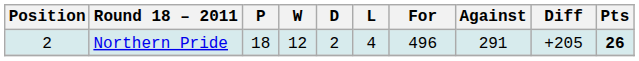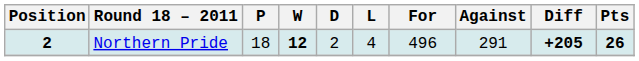 <table class="wikitable" style="text-align:center; font-size:85%;">
 <tr>
 <th width=40 abbr="Position">Position</th>
 <th width=100>Round 18 – 2011</th>
 <th width=20 abbr="Played">P</th>
 <th width=20 abbr="Won">W</th>
 <th width=20 abbr="Drawn">D</th>
 <th width=20 abbr="Lost">L</th>
 <th width=40 abbr="Points for">For</th>
 <th width=40 abbr="Points against">Against</th>
 <th width=40 abbr="Points difference">Diff</th>
 <th width=20 abbr="Points">Pts</th>
 </tr>
 <tr style="background: #d7ebed;">
-<td>2</td>
+<td><strong>2</strong></td>
 <td style="text-align:left;"> <a href='#'>Northern Pride</a></td>
 <td>18</td>
-<td>12</td>
+<td><strong>12</strong></td>
 <td>2</td>
 <td>4</td>
 <td>496</td>
 <td>291</td>
-<td>+205</td>
+<td><strong>+205</strong></td>
 <td><strong>26</strong></td>
 </tr>
 <tr>
 </tr>
 </table>
